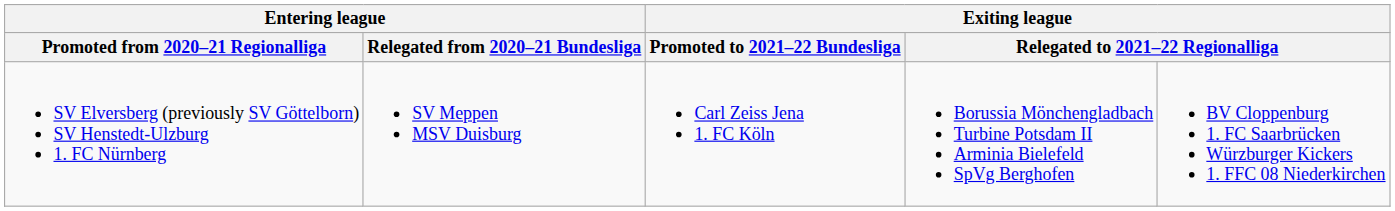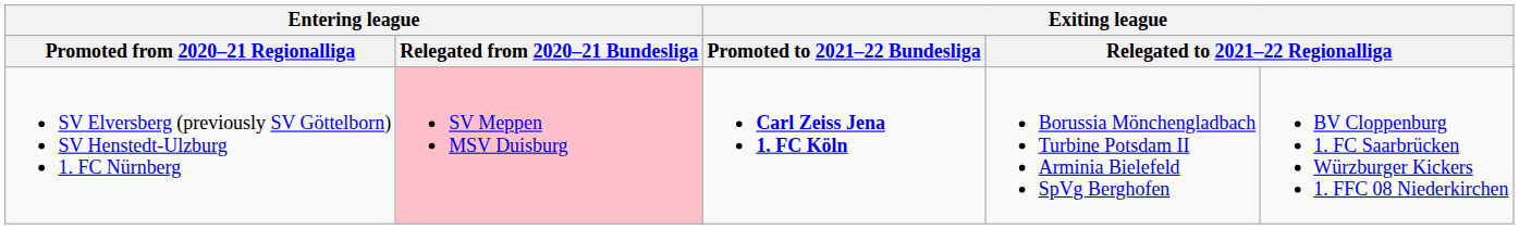 <table class="wikitable">
 <tr>
 <th colspan="2">Entering league</th>
 <th colspan="3">Exiting league</th>
 </tr>
 <tr>
 <th>Promoted from <a href='#'>2020–21 Regionalliga</a></th>
 <th>Relegated from <a href='#'>2020–21 Bundesliga</a></th>
 <th>Promoted to <a href='#'>2021–22 Bundesliga</a></th>
 <th colspan=2>Relegated to <a href='#'>2021–22 Regionalliga</a></th>
 </tr>
 <tr style="vertical-align:top;">
 <td><br><ul><li><a href='#'>SV Elversberg</a> (previously <a href='#'>SV Göttelborn</a>)</li><li><a href='#'>SV Henstedt-Ulzburg</a></li><li><a href='#'>1. FC Nürnberg</a></li></ul></td>
-<td><br><ul><li><a href='#'>SV Meppen</a></li><li><a href='#'>MSV Duisburg</a></li></ul></td>
-<td><br><ul><li><a href='#'>Carl Zeiss Jena</a></li><li><a href='#'>1. FC Köln</a></li></ul></td>
+<td style="background: pink;"><br><ul><li><a href='#'>SV Meppen</a></li><li><a href='#'>MSV Duisburg</a></li></ul></td>
+<td><strong><br><ul><li><a href='#'>Carl Zeiss Jena</a></li><li><a href='#'>1. FC Köln</a></li></ul></strong></td>
 <td><br><ul><li><a href='#'>Borussia Mönchengladbach</a></li><li><a href='#'>Turbine Potsdam II</a></li><li><a href='#'>Arminia Bielefeld</a></li><li><a href='#'>SpVg Berghofen</a></li></ul></td>
 <td><br><ul><li><a href='#'>BV Cloppenburg</a></li><li><a href='#'>1. FC Saarbrücken</a></li><li><a href='#'>Würzburger Kickers</a></li><li><a href='#'>1. FFC 08 Niederkirchen</a></li></ul></td>
 </tr>
 </table>
